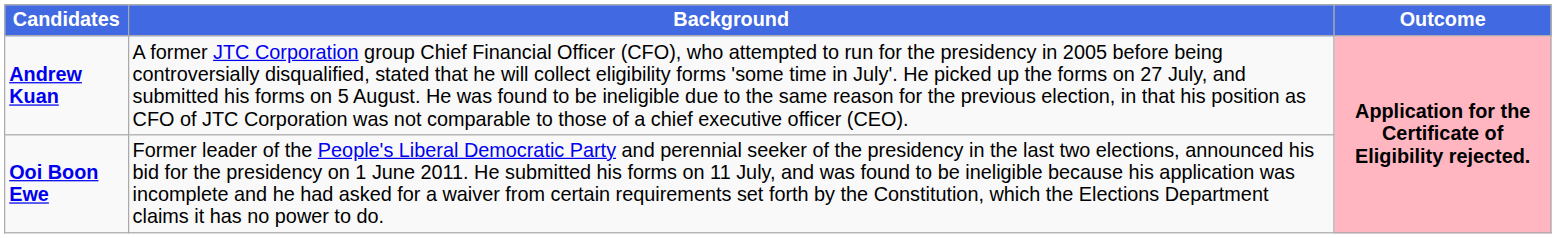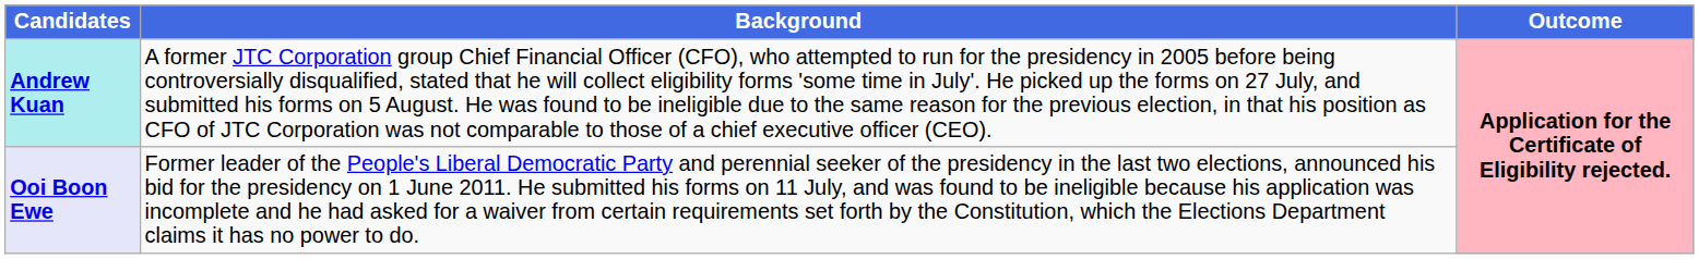 <table class="wikitable">
 <tr>
 <th style="background:RoyalBlue; color: white;">Candidates</th>
 <th style="background:RoyalBlue; color: white;">Background</th>
 <th style="background: RoyalBlue; color: white;">Outcome</th>
 </tr>
 <tr>
-<td><strong><a href='#'>Andrew Kuan</a></strong></td>
+<td style="background: paleturquoise;"><strong><a href='#'>Andrew Kuan</a></strong></td>
 <td>A former <a href='#'>JTC Corporation</a> group Chief Financial Officer (CFO), who attempted to run for the presidency in 2005 before being controversially disqualified, stated that he will collect eligibility forms 'some time in July'. He picked up the forms on 27 July, and submitted his forms on 5 August. He was found to be ineligible due to the same reason for the previous election, in that his position as CFO of JTC Corporation was not comparable to those of a chief executive officer (CEO).</td>
 <th rowspan=2 style="background: lightpink;">Application for the Certificate of Eligibility rejected.</th>
 </tr>
 <tr>
-<td><strong><a href='#'>Ooi Boon Ewe</a></strong></td>
+<td style="background: lavender;"><strong><a href='#'>Ooi Boon Ewe</a></strong></td>
 <td>Former leader of the <a href='#'>People's Liberal Democratic Party</a> and perennial seeker of the presidency in the last two elections, announced his bid for the presidency on 1 June 2011. He submitted his forms on 11 July, and was found to be ineligible because his application was incomplete and he had asked for a waiver from certain requirements set forth by the Constitution, which the Elections Department claims it has no power to do.</td>
 </tr>
 </table>
